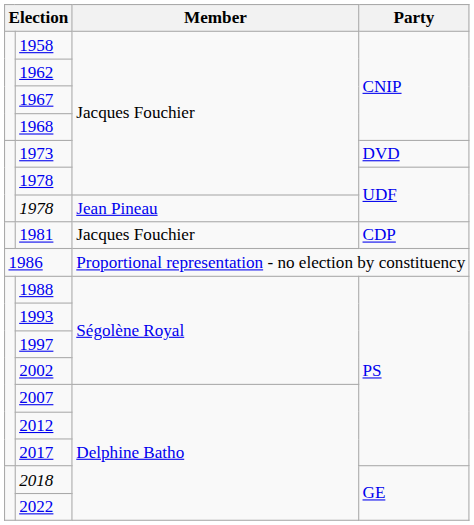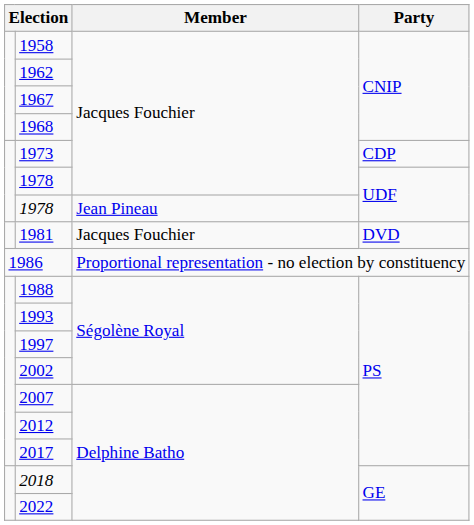 <table class="wikitable">
 <tr>
 <th colspan="2">Election</th>
 <th>Member</th>
 <th>Party</th>
 </tr>
 <tr>
 <td rowspan="4" style="background-color: "></td>
 <td><a href='#'>1958</a></td>
 <td rowspan="6">Jacques Fouchier</td>
 <td rowspan="4"><a href='#'>CNIP</a></td>
 </tr>
 <tr>
 <td><a href='#'>1962</a></td>
 </tr>
 <tr>
 <td><a href='#'>1967</a></td>
 </tr>
 <tr>
 <td><a href='#'>1968</a></td>
 </tr>
 <tr>
 <td rowspan="3" style="background-color: "></td>
 <td><a href='#'>1973</a></td>
-<td><a href='#'>DVD</a></td>
+<td><a href='#'>CDP</a></td>
 </tr>
 <tr>
 <td><a href='#'>1978</a></td>
 <td rowspan="2"><a href='#'>UDF</a></td>
 </tr>
 <tr>
 <td><em>1978</em></td>
 <td><a href='#'>Jean Pineau</a></td>
 </tr>
 <tr>
 <td style="background-color: "></td>
 <td><a href='#'>1981</a></td>
 <td>Jacques Fouchier</td>
-<td><a href='#'>CDP</a></td>
+<td><a href='#'>DVD</a></td>
 </tr>
 <tr>
 <td colspan="2"><a href='#'>1986</a></td>
 <td colspan="2"><a href='#'>Proportional representation</a> - no election by constituency</td>
 </tr>
 <tr>
 <td rowspan="7" style="background-color: "></td>
 <td><a href='#'>1988</a></td>
 <td rowspan="4"><a href='#'>Ségolène Royal</a></td>
 <td rowspan="7"><a href='#'>PS</a></td>
 </tr>
 <tr>
 <td><a href='#'>1993</a></td>
 </tr>
 <tr>
 <td><a href='#'>1997</a></td>
 </tr>
 <tr>
 <td><a href='#'>2002</a></td>
 </tr>
 <tr>
 <td><a href='#'>2007</a></td>
 <td rowspan="5"><a href='#'>Delphine Batho</a></td>
 </tr>
 <tr>
 <td><a href='#'>2012</a></td>
 </tr>
 <tr>
 <td><a href='#'>2017</a></td>
 </tr>
 <tr>
 <td rowspan="2" style="background-color: "></td>
 <td><em>2018</em></td>
 <td rowspan="2"><a href='#'>GE</a></td>
 </tr>
 <tr>
 <td><a href='#'>2022</a></td>
 </tr>
 </table>
